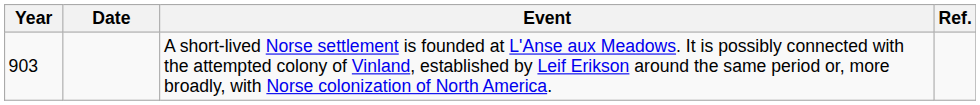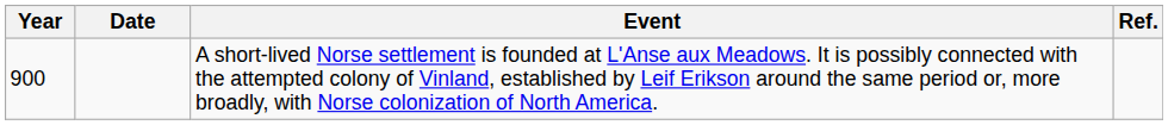 <table class="wikitable" width="100%">
 <tr>
 <th style="width:6%">Year</th>
 <th style="width:10%">Date</th>
 <th>Event</th>
 <th>Ref.</th>
 </tr>
 <tr>
-<td>903</td>
+<td>900</td>
 <td></td>
 <td>A short-lived <a href='#'>Norse settlement</a> is founded at <a href='#'>L'Anse aux Meadows</a>. It is possibly connected with the attempted colony of <a href='#'>Vinland</a>, established by <a href='#'>Leif Erikson</a> around the same period or, more broadly, with <a href='#'>Norse colonization of North America</a>.</td>
 <td></td>
 </tr>
 </table>
